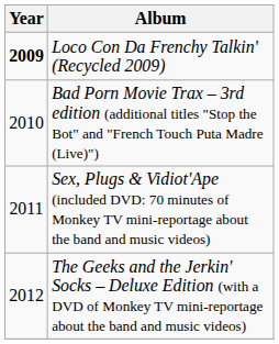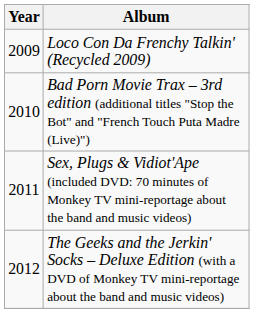 <table class="wikitable">
 <tr>
 <th align="center" rowspan="1">Year</th>
 <th align="center" rowspan="1" width="200">Album</th>
 </tr>
 <tr>
-<td align="center"><strong>2009</strong></td>
+<td align="center">2009</td>
 <td><em>Loco Con Da Frenchy Talkin' (Recycled 2009)</em></td>
 </tr>
 <tr>
 <td align="center">2010</td>
 <td><em>Bad Porn Movie Trax – 3rd edition</em> <small>(additional titles "Stop the Bot" and "French Touch Puta Madre (Live)")</small></td>
 </tr>
 <tr>
 <td align="center">2011</td>
 <td><em>Sex, Plugs & Vidiot'Ape</em> <small>(included DVD: 70 minutes of Monkey TV mini-reportage about the band and music videos)</small></td>
 </tr>
 <tr>
 <td align="center">2012</td>
 <td><em>The Geeks and the Jerkin' Socks – Deluxe Edition</em> <small>(with a DVD of  Monkey TV mini-reportage about the band and music videos)</small></td>
 </tr>
 <tr>
 </tr>
 </table>
